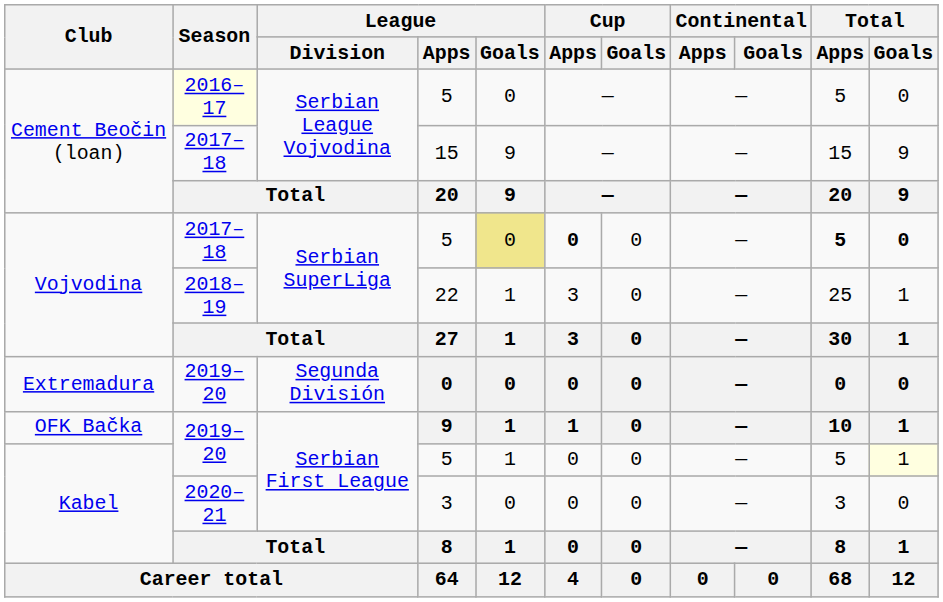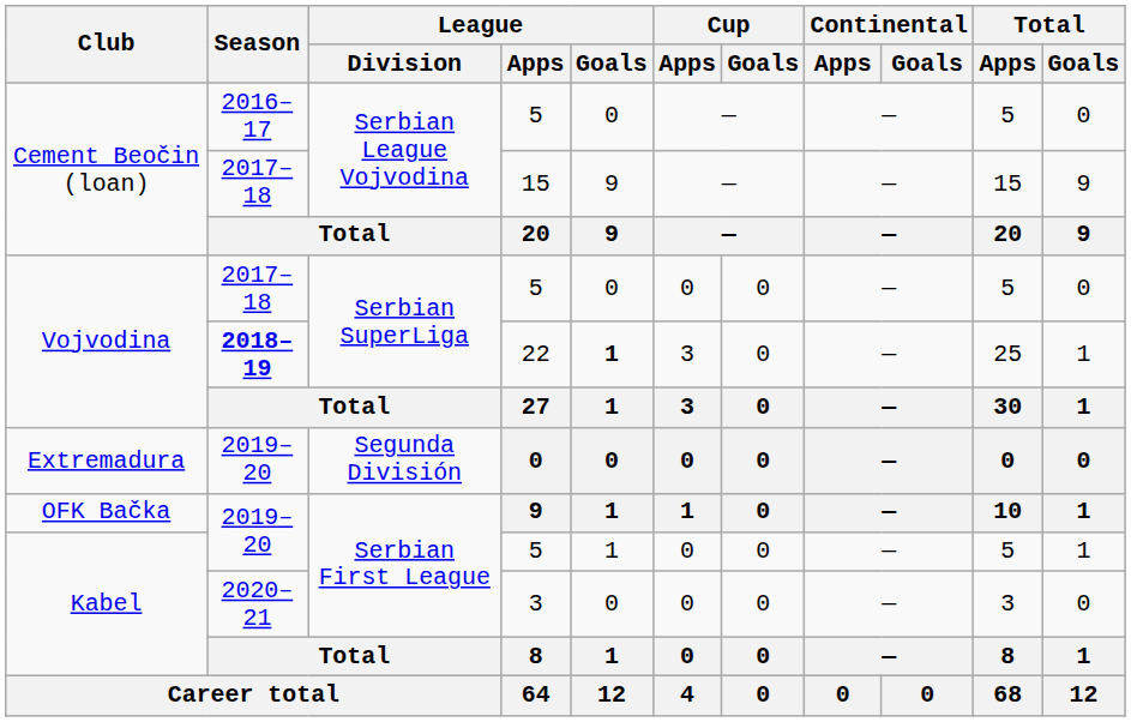 <table class="wikitable" style="text-align:center">
 <tr>
 <th rowspan="2">Club</th>
 <th rowspan="2">Season</th>
 <th colspan="3">League</th>
 <th colspan="2">Cup</th>
 <th colspan="2">Continental</th>
 <th colspan="2">Total</th>
 </tr>
 <tr>
 <th>Division</th>
 <th>Apps</th>
 <th>Goals</th>
 <th>Apps</th>
 <th>Goals</th>
 <th>Apps</th>
 <th>Goals</th>
 <th>Apps</th>
 <th>Goals</th>
 </tr>
 <tr>
 <td rowspan="3"><a href='#'>Cement Beočin</a> (loan)</td>
-<td style="background: lightyellow;"><a href='#'>2016–17</a></td>
+<td><a href='#'>2016–17</a></td>
 <td rowspan=2><a href='#'>Serbian League Vojvodina</a></td>
 <td>5</td>
 <td>0</td>
 <td colspan="2">—</td>
 <td colspan="2">—</td>
 <td>5</td>
 <td>0</td>
 </tr>
 <tr>
 <td><a href='#'>2017–18</a></td>
 <td>15</td>
 <td>9</td>
 <td colspan="2">—</td>
 <td colspan="2">—</td>
 <td>15</td>
 <td>9</td>
 </tr>
 <tr>
 <th colspan="2">Total</th>
 <th>20</th>
 <th>9</th>
 <th colspan="2">—</th>
 <th colspan="2">—</th>
 <th>20</th>
 <th>9</th>
 </tr>
 <tr>
 <td rowspan="3"><a href='#'>Vojvodina</a></td>
 <td><a href='#'>2017–18</a></td>
 <td rowspan="2"><a href='#'>Serbian SuperLiga</a></td>
 <td>5</td>
-<td style="background: khaki;">0</td>
-<td><strong>0</strong></td>
+<td>0</td>
+<td>0</td>
 <td>0</td>
 <td colspan="2">—</td>
-<td><strong>5</strong></td>
-<td><strong>0</strong></td>
+<td>5</td>
+<td>0</td>
 </tr>
 <tr>
-<td><a href='#'>2018–19</a></td>
+<td><strong><a href='#'>2018–19</a></strong></td>
 <td>22</td>
-<td>1</td>
+<td><strong>1</strong></td>
 <td>3</td>
 <td>0</td>
 <td colspan="2">—</td>
 <td>25</td>
 <td>1</td>
 </tr>
 <tr>
 <th colspan="2">Total</th>
 <th>27</th>
 <th>1</th>
 <th>3</th>
 <th>0</th>
 <th colspan="2">—</th>
 <th>30</th>
 <th>1</th>
 </tr>
 <tr>
 <td><a href='#'>Extremadura</a></td>
 <td><a href='#'>2019–20</a></td>
 <td><a href='#'>Segunda División</a></td>
 <th>0</th>
 <th>0</th>
 <th>0</th>
 <th>0</th>
 <th colspan="2">—</th>
 <th>0</th>
 <th>0</th>
 </tr>
 <tr>
 <td><a href='#'>OFK Bačka</a></td>
 <td rowspan=2><a href='#'>2019–20</a></td>
 <td rowspan=3><a href='#'>Serbian First League</a></td>
 <th>9</th>
 <th>1</th>
 <th>1</th>
 <th>0</th>
 <th colspan="2">—</th>
 <th>10</th>
 <th>1</th>
 </tr>
 <tr>
 <td rowspan="3"><a href='#'>Kabel</a></td>
 <td>5</td>
 <td>1</td>
 <td>0</td>
 <td>0</td>
 <td colspan="2">—</td>
 <td>5</td>
-<td style="background: lightyellow;">1</td>
+<td>1</td>
 </tr>
 <tr>
 <td><a href='#'>2020–21</a></td>
 <td>3</td>
 <td>0</td>
 <td>0</td>
 <td>0</td>
 <td colspan="2">—</td>
 <td>3</td>
 <td>0</td>
 </tr>
 <tr>
 <th colspan="2">Total</th>
 <th>8</th>
 <th>1</th>
 <th>0</th>
 <th>0</th>
 <th colspan="2">—</th>
 <th>8</th>
 <th>1</th>
 </tr>
 <tr>
 <th colspan="3">Career total</th>
 <th>64</th>
 <th>12</th>
 <th>4</th>
 <th>0</th>
 <th>0</th>
 <th>0</th>
 <th>68</th>
 <th>12</th>
 </tr>
 </table>
